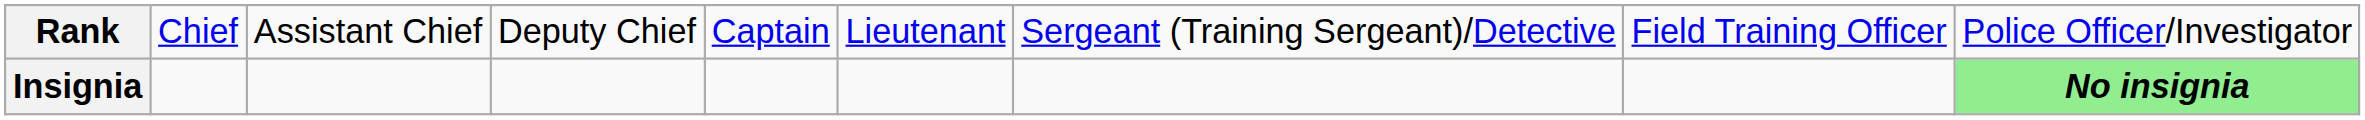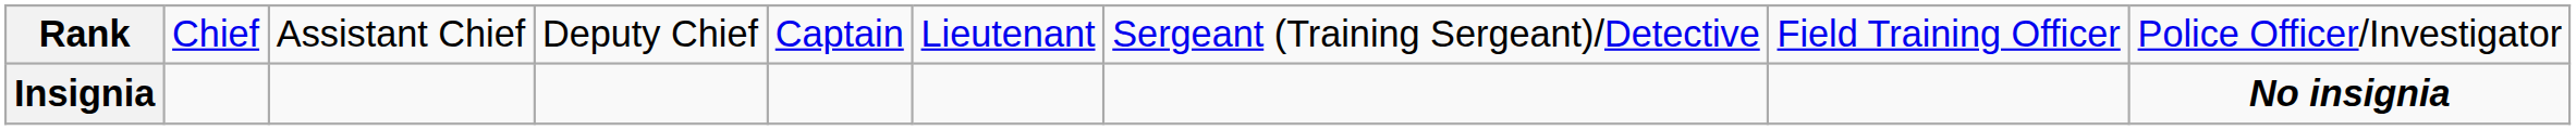 <table class="wikitable">
 <tr style="text-align:center;">
 <th>Rank</th>
 <td><a href='#'>Chief</a></td>
 <td>Assistant Chief</td>
 <td>Deputy Chief</td>
 <td><a href='#'>Captain</a></td>
 <td><a href='#'>Lieutenant</a></td>
 <td><a href='#'>Sergeant</a> (Training Sergeant)/<a href='#'>Detective</a></td>
 <td><a href='#'>Field Training Officer</a></td>
 <td><a href='#'>Police Officer</a>/Investigator</td>
 </tr>
 <tr style="text-align:center;">
 <th>Insignia</th>
 <td></td>
 <td></td>
 <td></td>
 <td></td>
 <td></td>
 <td></td>
 <td></td>
-<td style="background: lightgreen;"><strong><em>No insignia</em></strong></td>
+<td><strong><em>No insignia</em></strong></td>
 </tr>
 </table>
